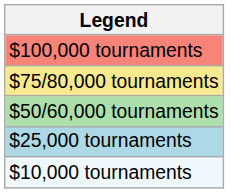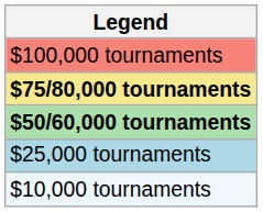 <table class=wikitable style="font-size:85%">
 <tr>
 <th>Legend</th>
 </tr>
 <tr style="background:#f88379;">
 <td>$100,000 tournaments</td>
 </tr>
 <tr style="background:#f7e98e;">
-<td>$75/80,000 tournaments</td>
+<td><strong>$75/80,000 tournaments</strong></td>
 </tr>
 <tr style="background:#addfad;">
-<td>$50/60,000 tournaments</td>
+<td><strong>$50/60,000 tournaments</strong></td>
 </tr>
 <tr style="background:lightblue;">
 <td>$25,000 tournaments</td>
 </tr>
 <tr style="background:#f0f8ff;">
 <td>$10,000 tournaments</td>
 </tr>
 </table>
